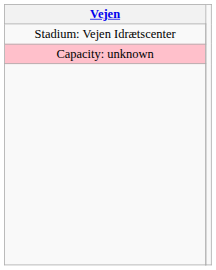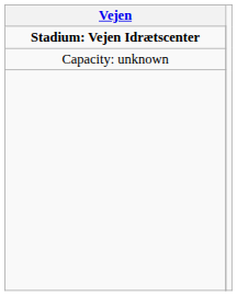 <table class="wikitable" style="text-align:center; margin:1em auto">
 <tr>
 <th colspan="2"><a href='#'>Vejen</a></th>
 <td rowspan=4></td>
 </tr>
 <tr>
-<td>Stadium: Vejen Idrætscenter</td>
+<td><strong>Stadium: Vejen Idrætscenter</strong></td>
 </tr>
 <tr>
-<td style="background: pink;">Capacity: unknown</td>
+<td>Capacity: unknown</td>
 </tr>
 <tr>
 <td height=250px width=250px></td>
 </tr>
 </table>
